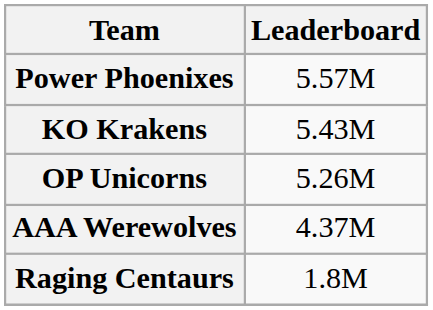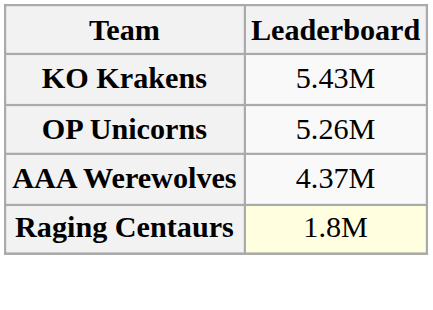 <table class="wikitable" style="text-align:center; font-size:85%;">
 <tr>
 <th>Team</th>
 <th>Leaderboard</th>
-</tr>
-<tr>
-<th>Power Phoenixes</th>
-<td>5.57M</td>
 </tr>
 <tr>
 <th>KO Krakens</th>
 <td>5.43M</td>
 </tr>
 <tr>
 <th>OP Unicorns</th>
 <td>5.26M</td>
 </tr>
 <tr>
 <th>AAA Werewolves</th>
 <td>4.37M</td>
 </tr>
 <tr>
 <th>Raging Centaurs</th>
-<td>1.8M</td>
+<td style="background: lightyellow;">1.8M</td>
 </tr>
 <tr>
 </tr>
 </table>
